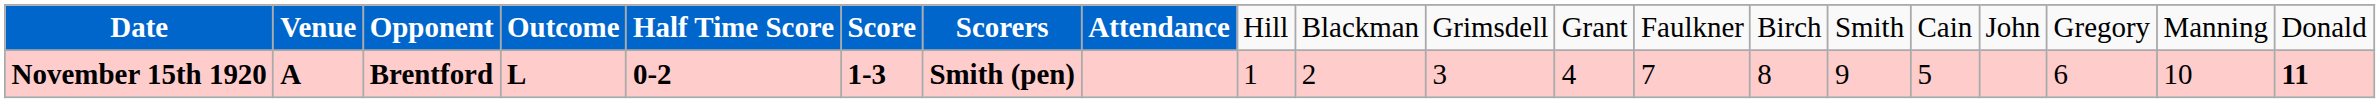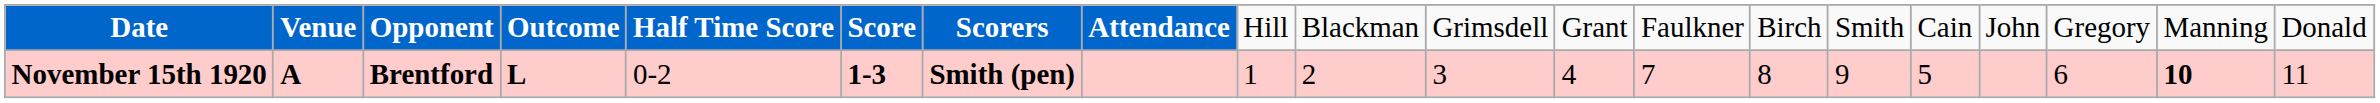 <table class="wikitable">
 <tr>
 <td style="background:#0066CC; color:#FFFFFF; text-align:center;"><strong>Date</strong></td>
 <td style="background:#0066CC; color:#FFFFFF; text-align:center;"><strong>Venue</strong></td>
 <td style="background:#0066CC; color:#FFFFFF; text-align:center;"><strong>Opponent</strong></td>
 <td style="background:#0066CC; color:#FFFFFF; text-align:center;"><strong>Outcome</strong></td>
 <td style="background:#0066CC; color:#FFFFFF; text-align:center;"><strong>Half Time Score</strong></td>
 <td style="background:#0066CC; color:#FFFFFF; text-align:center;"><strong>Score</strong></td>
 <td style="background:#0066CC; color:#FFFFFF; text-align:center;"><strong>Scorers</strong></td>
 <td style="background:#0066CC; color:#FFFFFF; text-align:center;"><strong>Attendance</strong></td>
 <td>Hill</td>
 <td>Blackman</td>
 <td>Grimsdell</td>
 <td>Grant</td>
 <td>Faulkner</td>
 <td>Birch</td>
 <td>Smith</td>
 <td>Cain</td>
 <td>John</td>
 <td>Gregory</td>
 <td>Manning</td>
 <td>Donald</td>
 </tr>
 <tr bgcolor="#FFCCCC">
 <td><strong>November 15th 1920</strong></td>
 <td><strong>A</strong></td>
 <td><strong>Brentford</strong></td>
 <td><strong>L</strong></td>
-<td><strong>0-2</strong></td>
+<td>0-2</td>
 <td><strong>1-3</strong></td>
 <td><strong>Smith (pen)</strong></td>
 <td></td>
 <td>1</td>
 <td>2</td>
 <td>3</td>
 <td>4</td>
 <td>7</td>
 <td>8</td>
 <td>9</td>
 <td>5</td>
 <td></td>
 <td>6</td>
-<td>10</td>
-<td><strong>11</strong></td>
+<td><strong>10</strong></td>
+<td>11</td>
 </tr>
 </table>
